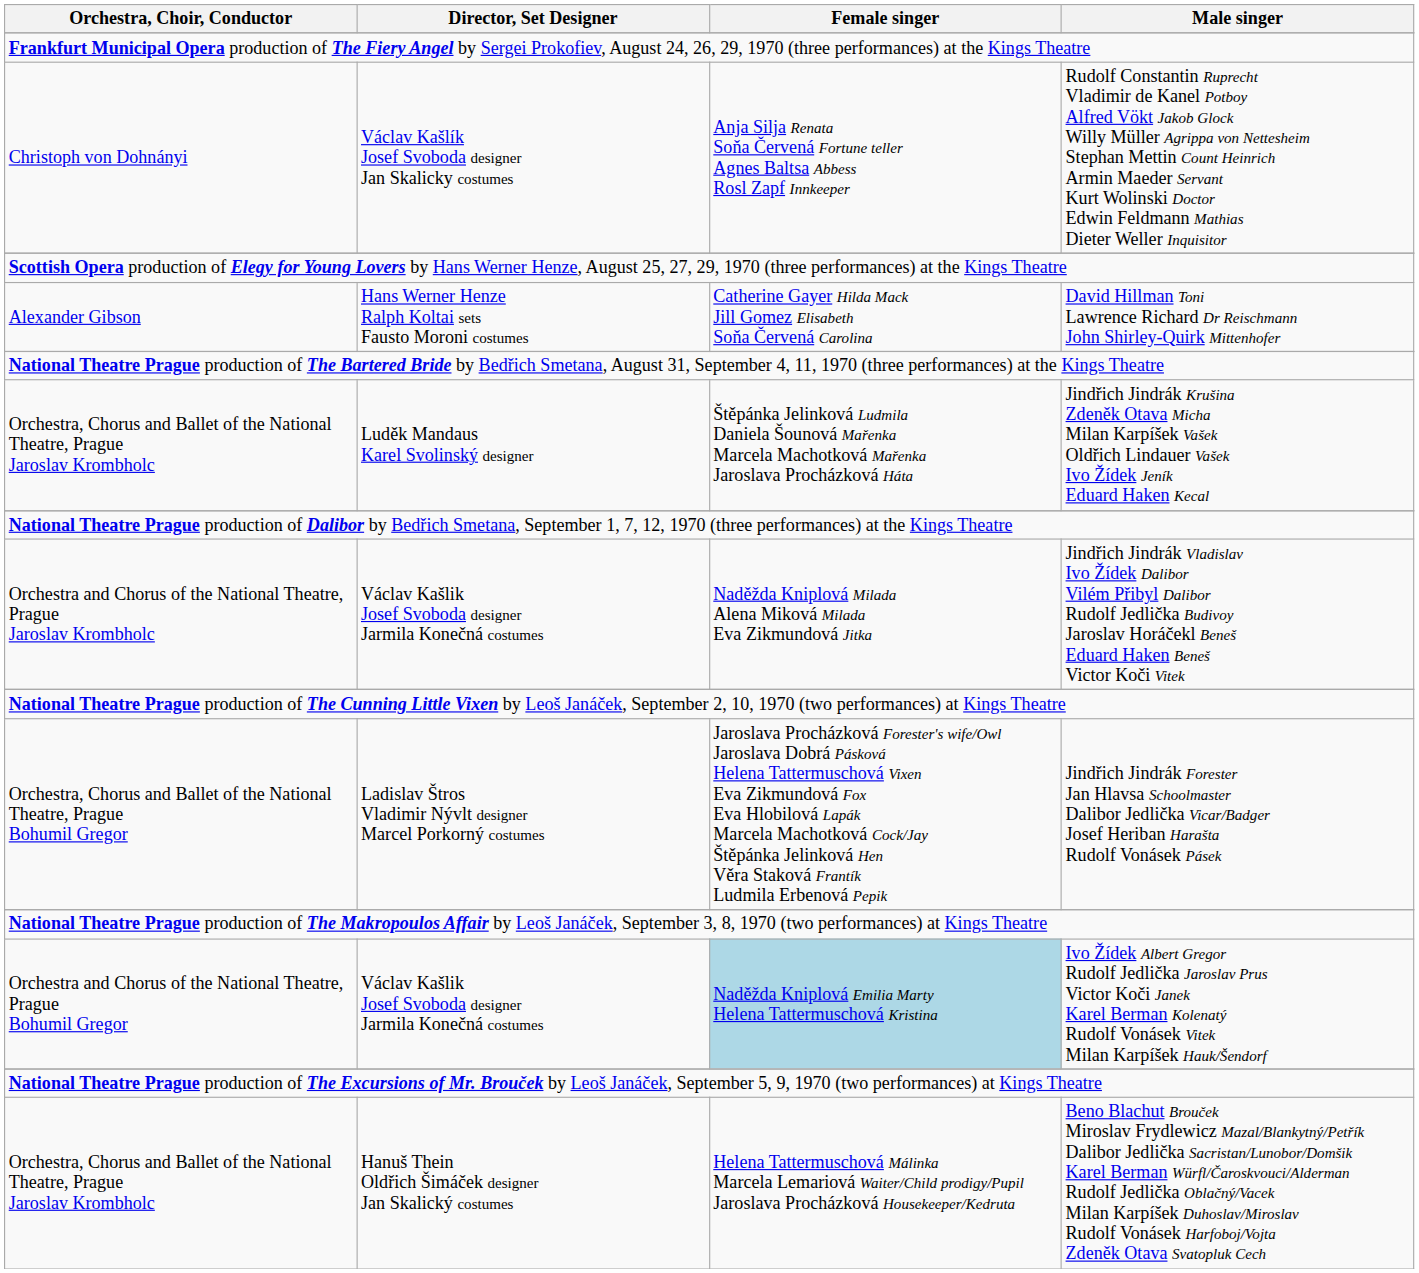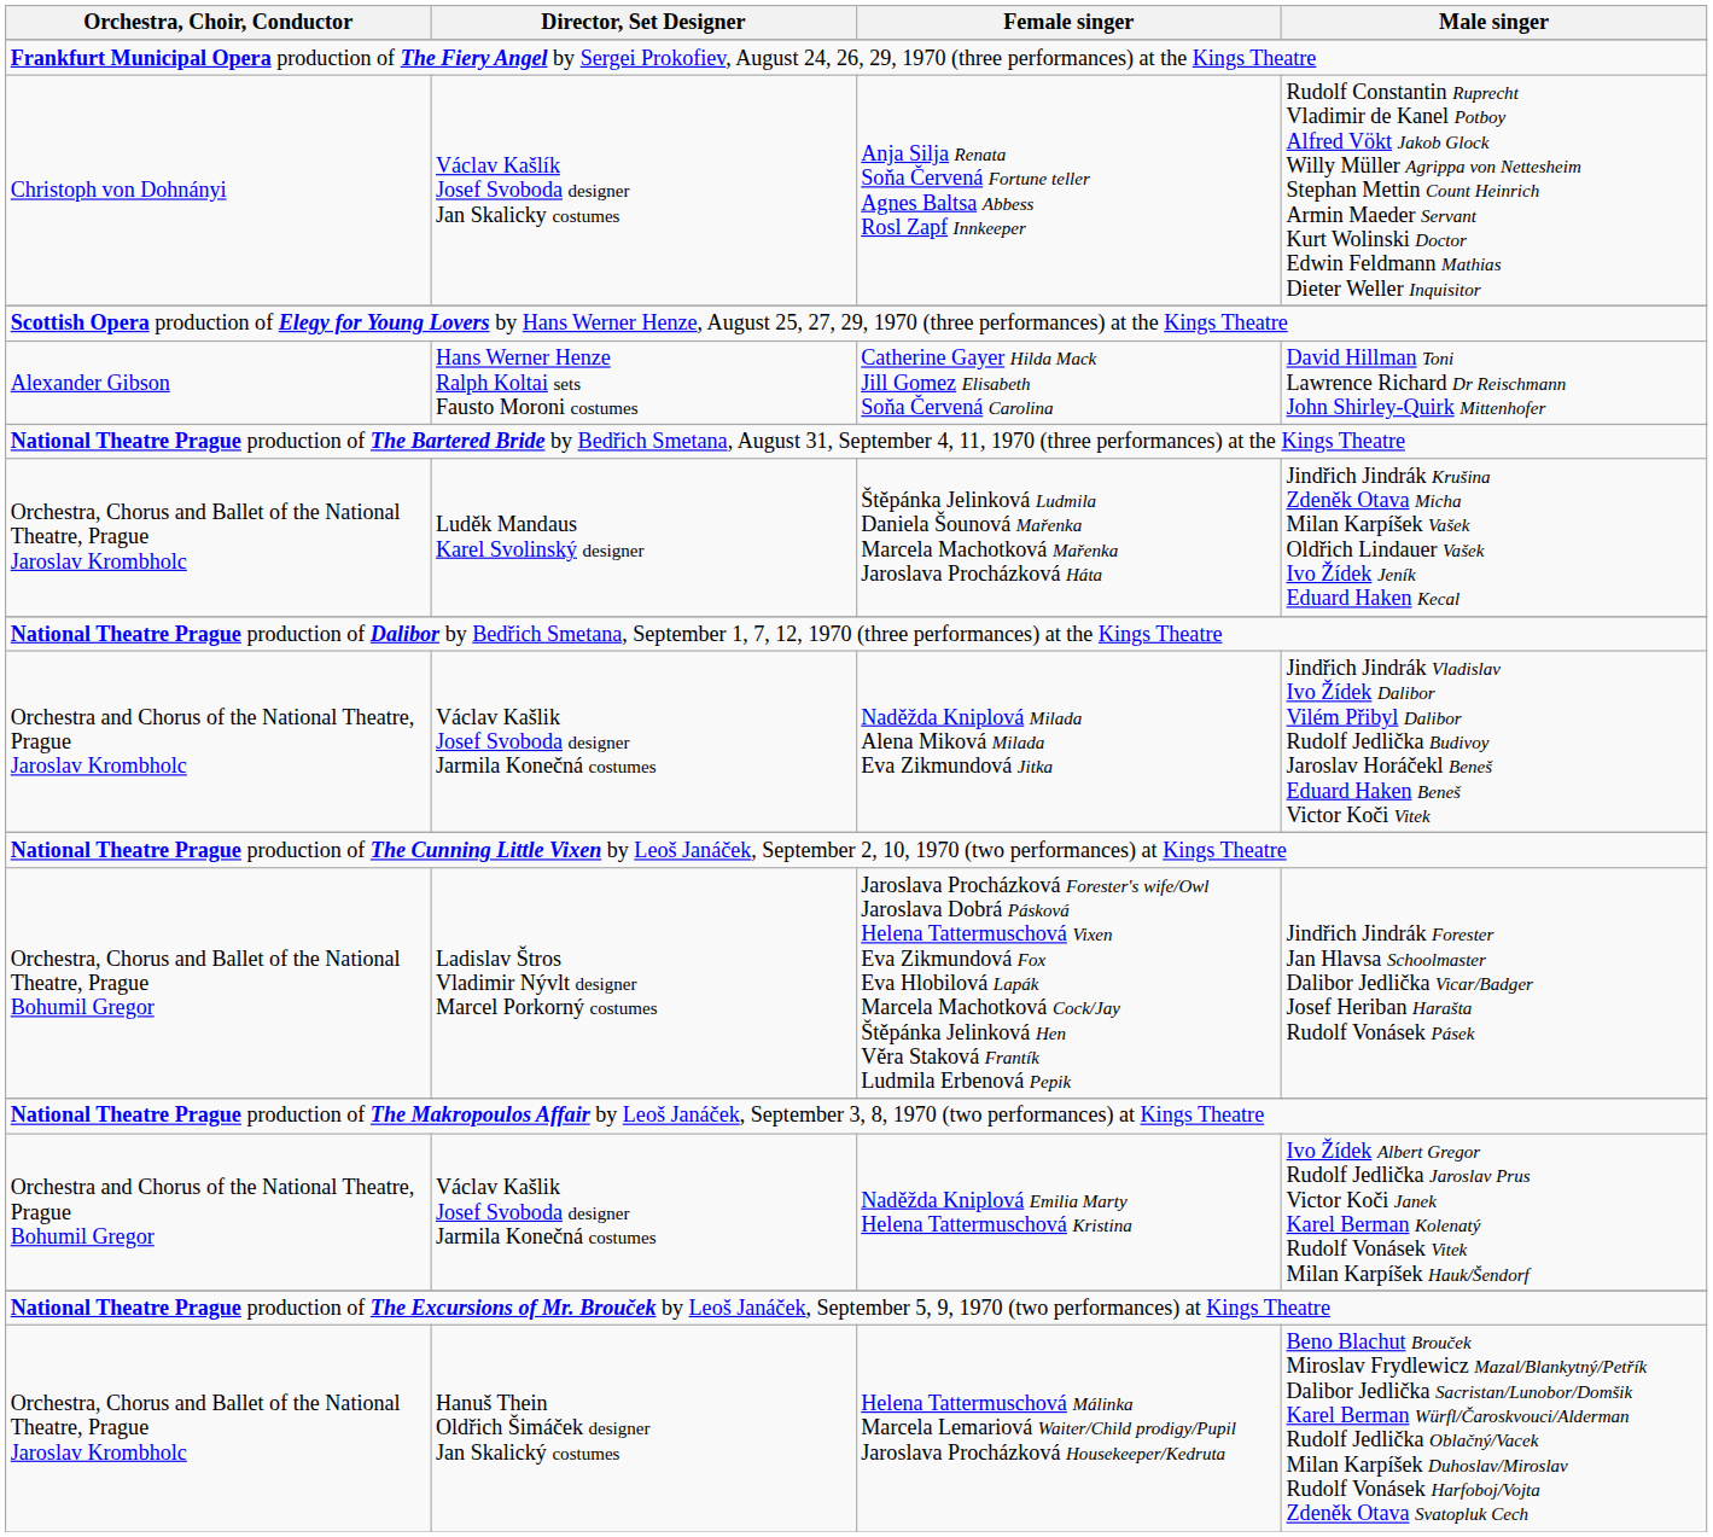 <table class="wikitable toptextcells">
 <tr class="hintergrundfarbe5">
 <th style="width:25%;">Orchestra, Choir, Conductor</th>
 <th style="width:25%;">Director, Set Designer</th>
 <th style="width:25%;">Female singer</th>
 <th style="width:25%;">Male singer</th>
 </tr>
 <tr>
 </tr>
 <tr class="hintergrundfarbe8">
 <td colspan="9"><strong><a href='#'>Frankfurt Municipal Opera</a></strong> production of <strong><em><a href='#'>The Fiery Angel</a></em></strong> by <a href='#'>Sergei Prokofiev</a>, August 24, 26, 29, 1970 (three performances) at the <a href='#'>Kings Theatre</a></td>
 </tr>
 <tr>
 <td><a href='#'>Christoph von Dohnányi</a></td>
 <td><a href='#'>Václav Kašlík</a><br><a href='#'>Josef Svoboda</a> <small>designer</small><br>Jan Skalicky <small>costumes</small></td>
 <td><a href='#'>Anja Silja</a> <small><em>Renata</em></small><br><a href='#'>Soňa Červená</a> <small><em>Fortune teller</em></small><br><a href='#'>Agnes Baltsa</a> <small><em>Abbess</em></small><br><a href='#'>Rosl Zapf</a> <small><em>Innkeeper</em></small></td>
 <td>Rudolf Constantin <small><em>Ruprecht</em></small><br>Vladimir de Kanel <small><em>Potboy</em></small><br><a href='#'>Alfred Vökt</a> <small><em>Jakob Glock</em></small><br>Willy Müller <small><em>Agrippa von Nettesheim</em></small><br>Stephan Mettin <small><em>Count Heinrich</em></small><br>Armin Maeder <small><em>Servant</em></small><br>Kurt Wolinski <small><em>Doctor</em></small><br>Edwin Feldmann <small><em>Mathias</em></small><br>Dieter Weller <small><em>Inquisitor</em></small></td>
 </tr>
 <tr>
 </tr>
 <tr class="hintergrundfarbe8">
 <td colspan="9"><strong><a href='#'>Scottish Opera</a></strong> production of <strong><em><a href='#'>Elegy for Young Lovers</a></em></strong> by <a href='#'>Hans Werner Henze</a>, August 25, 27, 29, 1970 (three performances) at the <a href='#'>Kings Theatre</a></td>
 </tr>
 <tr>
 <td><a href='#'>Alexander Gibson</a></td>
 <td><a href='#'>Hans Werner Henze</a><br><a href='#'>Ralph Koltai</a> <small>sets</small><br>Fausto Moroni <small>costumes</small></td>
 <td><a href='#'>Catherine Gayer</a> <small><em>Hilda Mack</em></small><br><a href='#'>Jill Gomez</a> <small><em>Elisabeth</em></small><br><a href='#'>Soňa Červená</a> <small><em>Carolina</em></small></td>
 <td><a href='#'>David Hillman</a> <small><em>Toni</em></small><br>Lawrence Richard <small><em>Dr Reischmann</em></small><br><a href='#'>John Shirley-Quirk</a> <small><em>Mittenhofer</em></small></td>
 </tr>
 <tr>
 </tr>
 <tr class="hintergrundfarbe8">
 <td colspan="9"><strong><a href='#'>National Theatre Prague</a></strong> production of <strong><em><a href='#'>The Bartered Bride</a></em></strong> by <a href='#'>Bedřich Smetana</a>, August 31, September 4, 11, 1970 (three performances) at the <a href='#'>Kings Theatre</a></td>
 </tr>
 <tr>
 <td>Orchestra, Chorus and Ballet of the National Theatre, Prague<br><a href='#'>Jaroslav Krombholc</a></td>
 <td>Luděk Mandaus<br><a href='#'>Karel Svolinský</a> <small>designer</small></td>
 <td>Štěpánka Jelinková <small><em>Ludmila</em></small><br>Daniela Šounová <small><em>Mařenka</em></small><br>Marcela Machotková <small><em>Mařenka</em></small><br>Jaroslava Procházková <small><em>Háta</em></small></td>
 <td>Jindřich Jindrák <small><em>Krušina</em></small><br><a href='#'>Zdeněk Otava</a> <small><em>Micha</em></small><br>Milan Karpíšek <small><em>Vašek</em></small><br>Oldřich Lindauer <small><em>Vašek</em></small><br><a href='#'>Ivo Žídek</a> <small><em>Jeník</em></small><br><a href='#'>Eduard Haken</a> <small><em>Kecal</em></small></td>
 </tr>
 <tr>
 </tr>
 <tr class="hintergrundfarbe8">
 <td colspan="9"><strong><a href='#'>National Theatre Prague</a></strong> production of <strong><em><a href='#'>Dalibor</a></em></strong> by <a href='#'>Bedřich Smetana</a>, September 1, 7, 12, 1970 (three performances) at the <a href='#'>Kings Theatre</a></td>
 </tr>
 <tr>
 <td>Orchestra and Chorus of the National Theatre, Prague<br><a href='#'>Jaroslav Krombholc</a></td>
 <td>Václav Kašlik<br><a href='#'>Josef Svoboda</a> <small>designer</small><br>Jarmila Konečná <small>costumes</small></td>
 <td><a href='#'>Naděžda Kniplová</a> <small><em>Milada</em></small><br>Alena Miková <small><em>Milada</em></small><br>Eva Zikmundová <small><em>Jitka</em></small></td>
 <td>Jindřich Jindrák <small><em>Vladislav</em></small><br><a href='#'>Ivo Žídek</a> <small><em>Dalibor</em></small><br><a href='#'>Vilém Přibyl</a> <small><em>Dalibor</em></small><br>Rudolf Jedlička <small><em>Budivoy</em></small><br>Jaroslav Horáčekl <small><em>Beneš</em></small><br><a href='#'>Eduard Haken</a> <small><em>Beneš</em></small><br>Victor Koči <small><em>Vitek</em></small></td>
 </tr>
 <tr>
 </tr>
 <tr class="hintergrundfarbe8">
 <td colspan="9"><strong><a href='#'>National Theatre Prague</a></strong> production of <strong><em><a href='#'>The Cunning Little Vixen</a></em></strong> by <a href='#'>Leoš Janáček</a>, September 2, 10, 1970 (two performances) at <a href='#'>Kings Theatre</a></td>
 </tr>
 <tr>
 <td>Orchestra, Chorus and Ballet of the National Theatre, Prague<br><a href='#'>Bohumil Gregor</a></td>
 <td>Ladislav Štros <br>Vladimir Nývlt <small>designer</small><br>Marcel Porkorný <small>costumes</small></td>
 <td>Jaroslava Procházková <small><em>Forester's wife/Owl</em></small><br>Jaroslava Dobrá <small><em>Pásková</em></small><br><a href='#'>Helena Tattermuschová</a> <small><em>Vixen</em></small><br>Eva Zikmundová <small><em>Fox</em></small><br>Eva Hlobilová <small><em>Lapák</em></small><br>Marcela Machotková <small><em>Cock/Jay</em></small><br>Štěpánka Jelinková <small><em>Hen</em></small><br>Věra Staková <small><em>Frantík</em></small><br>Ludmila Erbenová <small><em>Pepik</em></small></td>
 <td>Jindřich Jindrák <small><em>Forester</em></small><br>Jan Hlavsa <small><em>Schoolmaster</em></small><br>Dalibor Jedlička <small><em>Vicar/Badger</em></small><br>Josef Heriban <small><em>Harašta</em></small><br>Rudolf Vonásek <small><em>Pásek</em></small></td>
 </tr>
 <tr>
 </tr>
 <tr class="hintergrundfarbe8">
 <td colspan="9"><strong><a href='#'>National Theatre Prague</a></strong> production of <strong><em><a href='#'>The Makropoulos Affair</a></em></strong> by <a href='#'>Leoš Janáček</a>, September 3, 8, 1970 (two performances) at <a href='#'>Kings Theatre</a></td>
 </tr>
 <tr>
 <td>Orchestra and Chorus of the National Theatre, Prague<br><a href='#'>Bohumil Gregor</a></td>
 <td>Václav Kašlik <br><a href='#'>Josef Svoboda</a> <small>designer</small><br>Jarmila Konečná <small>costumes</small></td>
-<td style="background: lightblue;"><a href='#'>Naděžda Kniplová</a> <small><em>Emilia Marty</em></small><br><a href='#'>Helena Tattermuschová</a> <small><em>Kristina</em></small></td>
+<td><a href='#'>Naděžda Kniplová</a> <small><em>Emilia Marty</em></small><br><a href='#'>Helena Tattermuschová</a> <small><em>Kristina</em></small></td>
 <td><a href='#'>Ivo Žídek</a> <small><em>Albert Gregor</em></small><br>Rudolf Jedlička <small><em>Jaroslav Prus</em></small><br>Victor Koči <small><em>Janek</em></small><br><a href='#'>Karel Berman</a> <small><em>Kolenatý</em></small><br>Rudolf Vonásek <small><em>Vitek</em></small><br>Milan Karpíšek <small><em>Hauk/Šendorf</em></small></td>
 </tr>
 <tr>
 </tr>
 <tr class="hintergrundfarbe8">
 <td colspan="9"><strong><a href='#'>National Theatre Prague</a></strong> production of <strong><em><a href='#'>The Excursions of Mr. Brouček</a></em></strong> by <a href='#'>Leoš Janáček</a>, September 5, 9, 1970 (two performances) at <a href='#'>Kings Theatre</a></td>
 </tr>
 <tr>
 <td>Orchestra, Chorus and Ballet of the National Theatre, Prague<br><a href='#'>Jaroslav Krombholc</a></td>
 <td>Hanuš Thein  <br>Oldřich Šimáček <small>designer</small><br>Jan Skalický <small>costumes</small></td>
 <td><a href='#'>Helena Tattermuschová</a> <small><em>Málinka</em></small><br>Marcela Lemariová <small><em>Waiter/Child prodigy/Pupil</em></small><br>Jaroslava Procházková <small><em>Housekeeper/Kedruta</em></small><br></td>
 <td><a href='#'>Beno Blachut</a> <small><em>Brouček</em></small><br>Miroslav Frydlewicz <small><em>Mazal/Blankytný/Petřík</em></small><br>Dalibor Jedlička <small><em>Sacristan/Lunobor/Domšik</em></small><br><a href='#'>Karel Berman</a> <small><em>Würfl/Čaroskvouci/Alderman</em></small><br>Rudolf Jedlička <small><em>Oblačný/Vacek</em></small><br>Milan Karpíšek <small><em>Duhoslav/Miroslav</em></small><br>Rudolf Vonásek <small><em>Harfoboj/Vojta</em></small><br><a href='#'>Zdeněk Otava</a> <small><em>Svatopluk Cech</em></small></td>
 </tr>
 </table>
